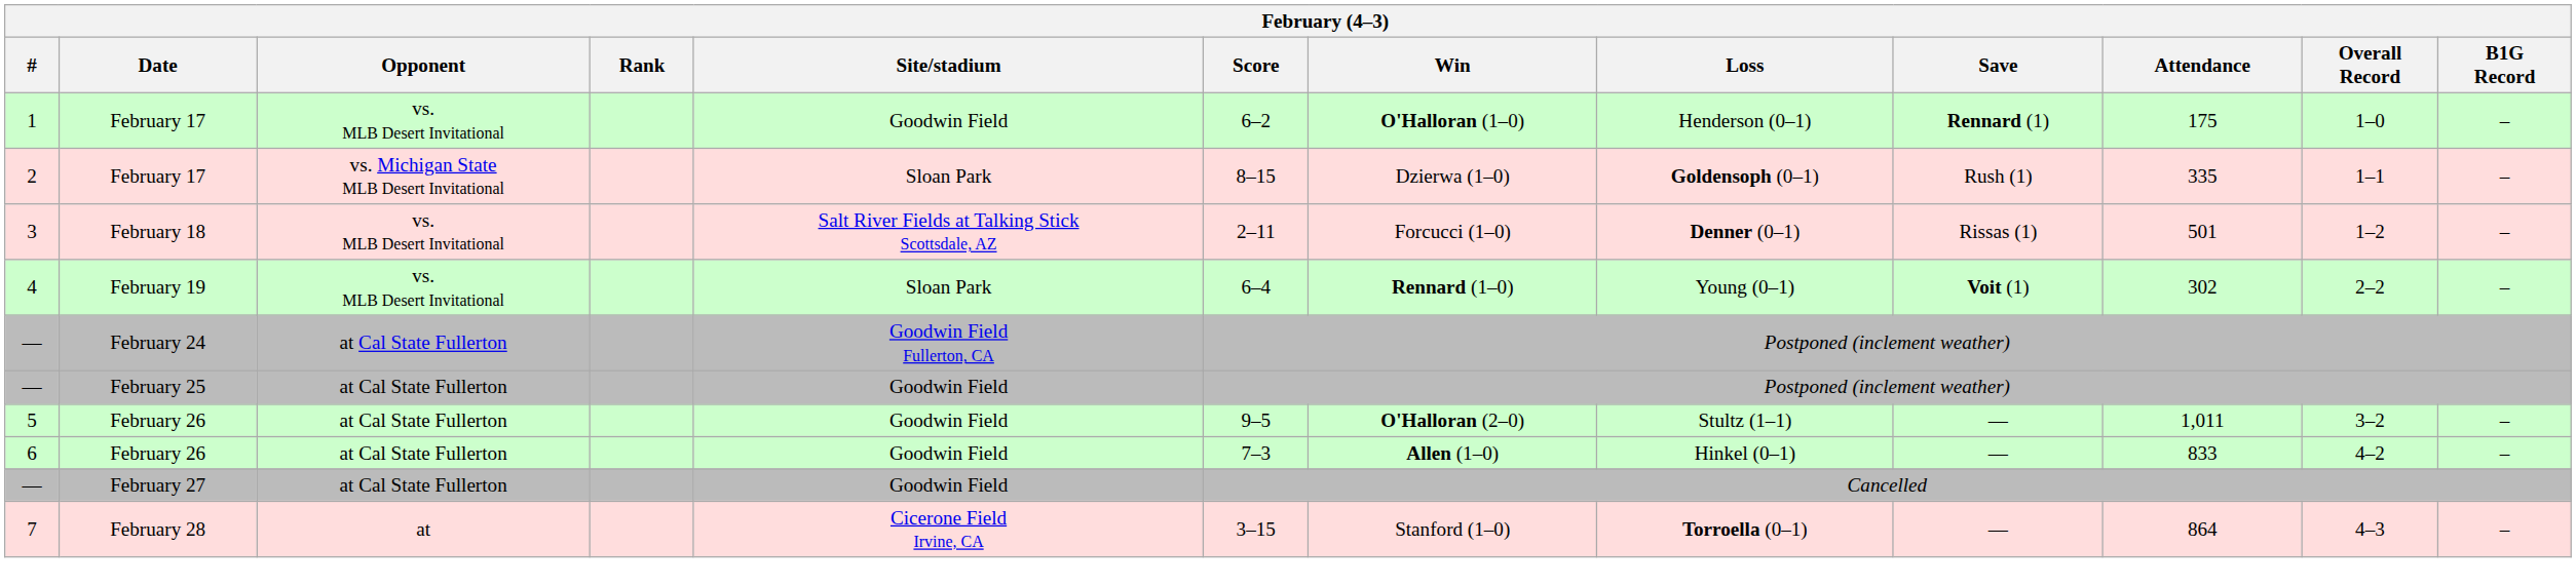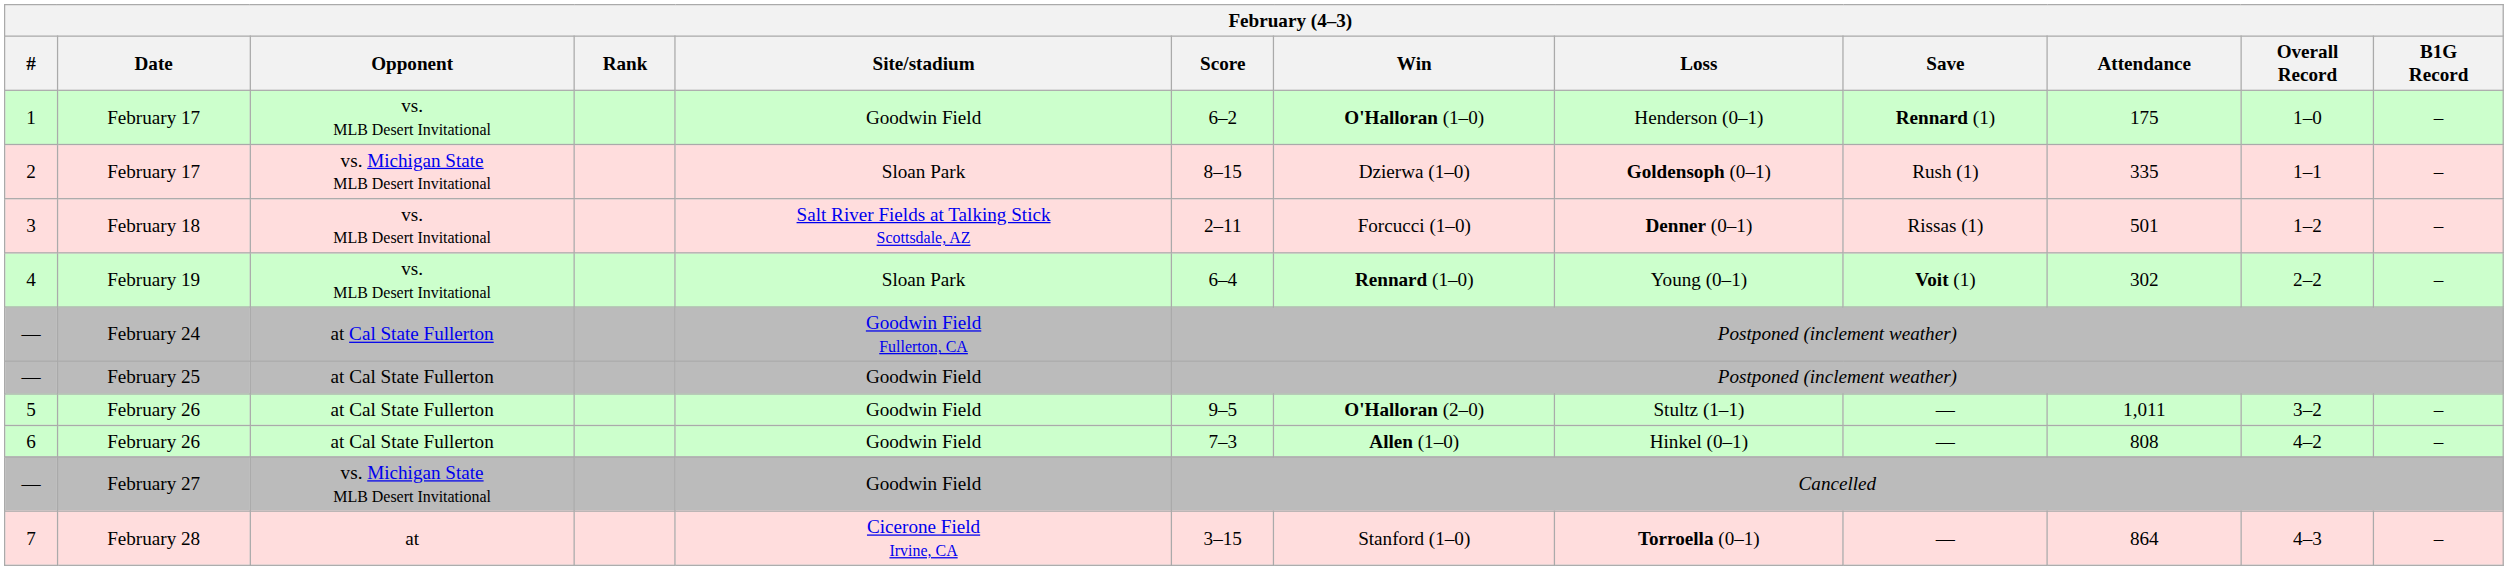 <table class="wikitable collapsible collapsed" style="margin:auto; width:100%; text-align:center; font-size:95%">
 <tr>
 <th colspan=12 style="padding-left:4em;">February (4–3)</th>
 </tr>
 <tr>
 <th>#</th>
 <th>Date</th>
 <th>Opponent</th>
 <th>Rank</th>
 <th>Site/stadium</th>
 <th>Score</th>
 <th>Win</th>
 <th>Loss</th>
 <th>Save</th>
 <th>Attendance</th>
 <th>Overall<br>Record</th>
 <th>B1G<br>Record</th>
 </tr>
 <tr align="center" bgcolor="#ccffcc">
 <td>1</td>
 <td>February 17</td>
 <td>vs.  <br><small> MLB Desert Invitational</small></td>
 <td></td>
 <td>Goodwin Field</td>
 <td>6–2</td>
 <td><strong>O'Halloran</strong> (1–0)</td>
 <td>Henderson (0–1)</td>
 <td><strong>Rennard</strong> (1)</td>
 <td>175</td>
 <td>1–0</td>
 <td>–</td>
 </tr>
 <tr align="center" bgcolor="#ffdddd">
 <td>2</td>
 <td>February 17</td>
 <td>vs. <a href='#'>Michigan State</a> <br><small> MLB Desert Invitational</small></td>
 <td></td>
 <td>Sloan Park</td>
 <td>8–15</td>
 <td>Dzierwa (1–0)</td>
 <td><strong>Goldensoph</strong> (0–1)</td>
 <td>Rush (1)</td>
 <td>335</td>
 <td>1–1</td>
 <td>–</td>
 </tr>
 <tr align="center" bgcolor="#ffdddd">
 <td>3</td>
 <td>February 18</td>
 <td>vs.  <br><small> MLB Desert Invitational</small></td>
 <td></td>
 <td><a href='#'>Salt River Fields at Talking Stick</a><br><small><a href='#'>Scottsdale, AZ</a></small></td>
 <td>2–11</td>
 <td>Forcucci (1–0)</td>
 <td><strong>Denner</strong> (0–1)</td>
 <td>Rissas (1)</td>
 <td>501</td>
 <td>1–2</td>
 <td>–</td>
 </tr>
 <tr align="center" bgcolor="#ccffcc">
 <td>4</td>
 <td>February 19</td>
 <td>vs.  <br><small> MLB Desert Invitational</small></td>
 <td></td>
 <td>Sloan Park</td>
 <td>6–4</td>
 <td><strong>Rennard</strong> (1–0)</td>
 <td>Young (0–1)</td>
 <td><strong>Voit</strong> (1)</td>
 <td>302</td>
 <td>2–2</td>
 <td>–</td>
 </tr>
 <tr align="center" bgcolor="#bbbbbb">
 <td>—</td>
 <td>February 24</td>
 <td>at <a href='#'>Cal State Fullerton</a></td>
 <td></td>
 <td><a href='#'>Goodwin Field</a><br><small><a href='#'>Fullerton, CA</a></small></td>
 <td colspan=9><em>Postponed (inclement weather)</em></td>
 </tr>
 <tr align="center" bgcolor="#bbbbbb">
 <td>—</td>
 <td>February 25</td>
 <td>at Cal State Fullerton</td>
 <td></td>
 <td>Goodwin Field</td>
 <td colspan=9><em>Postponed (inclement weather)</em></td>
 </tr>
 <tr align="center" bgcolor="#ccffcc">
 <td>5</td>
 <td>February 26</td>
 <td>at Cal State Fullerton</td>
 <td></td>
 <td>Goodwin Field</td>
 <td>9–5</td>
 <td><strong>O'Halloran</strong> (2–0)</td>
 <td>Stultz (1–1)</td>
 <td>—</td>
 <td>1,011</td>
 <td>3–2</td>
 <td>–</td>
 </tr>
 <tr align="center" bgcolor="#ccffcc">
 <td>6</td>
 <td>February 26</td>
 <td>at Cal State Fullerton</td>
 <td></td>
 <td>Goodwin Field</td>
 <td>7–3</td>
 <td><strong>Allen</strong> (1–0)</td>
 <td>Hinkel (0–1)</td>
 <td>—</td>
-<td>833</td>
+<td>808</td>
 <td>4–2</td>
 <td>–</td>
 </tr>
 <tr align="center" bgcolor="#bbbbbb">
 <td>—</td>
 <td>February 27</td>
-<td>at Cal State Fullerton</td>
+<td>vs. <a href='#'>Michigan State</a> <br><small> MLB Desert Invitational</small></td>
 <td></td>
 <td>Goodwin Field</td>
 <td colspan=9><em>Cancelled</em> </td>
 </tr>
 <tr align="center" bgcolor="#ffdddd">
 <td>7</td>
 <td>February 28</td>
 <td>at </td>
 <td></td>
 <td><a href='#'>Cicerone Field</a><br><small><a href='#'>Irvine, CA</a></small></td>
 <td>3–15</td>
 <td>Stanford (1–0)</td>
 <td><strong>Torroella</strong> (0–1)</td>
 <td>—</td>
 <td>864</td>
 <td>4–3</td>
 <td>–</td>
 </tr>
 </table>
